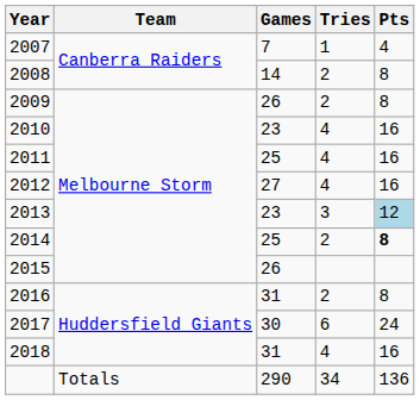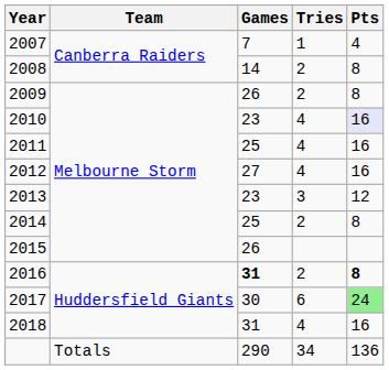 <table class="wikitable sortable">
 <tr>
 <th>Year</th>
 <th>Team</th>
 <th>Games</th>
 <th>Tries</th>
 <th>Pts</th>
 </tr>
 <tr>
 <td>2007</td>
 <td rowspan="2"> <a href='#'>Canberra Raiders</a></td>
 <td>7</td>
 <td>1</td>
 <td>4</td>
 </tr>
 <tr>
 <td>2008</td>
 <td>14</td>
 <td>2</td>
 <td>8</td>
 </tr>
 <tr>
 <td>2009</td>
 <td rowspan="7"> <a href='#'>Melbourne Storm</a></td>
 <td>26</td>
 <td>2</td>
 <td>8</td>
 </tr>
 <tr>
 <td>2010</td>
 <td>23</td>
 <td>4</td>
-<td>16</td>
+<td style="background: lavender;">16</td>
 </tr>
 <tr>
 <td>2011</td>
 <td>25</td>
 <td>4</td>
 <td>16</td>
 </tr>
 <tr>
 <td>2012</td>
 <td>27</td>
 <td>4</td>
 <td>16</td>
 </tr>
 <tr>
 <td>2013</td>
 <td>23</td>
 <td>3</td>
-<td style="background: lightblue;">12</td>
+<td>12</td>
 </tr>
 <tr>
 <td>2014</td>
 <td>25</td>
 <td>2</td>
-<td><strong>8</strong></td>
+<td>8</td>
 </tr>
 <tr>
 <td>2015</td>
 <td>26</td>
 <td></td>
 <td></td>
 </tr>
 <tr>
 <td>2016</td>
 <td rowspan="3"> <a href='#'>Huddersfield Giants</a></td>
-<td>31</td>
+<td><strong>31</strong></td>
 <td>2</td>
-<td>8</td>
+<td><strong>8</strong></td>
 </tr>
 <tr>
 <td>2017</td>
 <td>30</td>
 <td>6</td>
-<td>24</td>
+<td style="background: lightgreen;">24</td>
 </tr>
 <tr>
 <td>2018</td>
 <td>31</td>
 <td>4</td>
 <td>16</td>
 </tr>
 <tr>
 <td></td>
 <td>Totals</td>
 <td>290</td>
 <td>34</td>
 <td>136</td>
 </tr>
 </table>
